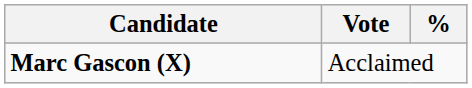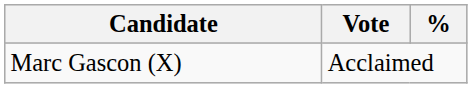 <table class="wikitable">
 <tr>
 <th bgcolor="#DDDDFF" width="200px">Candidate</th>
 <th bgcolor="#DDDDFF" width="50px">Vote</th>
 <th bgcolor="#DDDDFF" width="30px">%</th>
 </tr>
 <tr>
-<td><strong>Marc Gascon (X)</strong></td>
+<td>Marc Gascon (X)</td>
 <td colspan="2">Acclaimed</td>
 </tr>
 </table>
